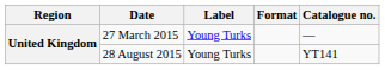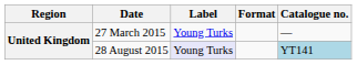 <table class="wikitable plainrowheaders">
 <tr>
 <th scope="col">Region</th>
 <th scope="col">Date</th>
 <th scope="col">Label</th>
 <th scope="col">Format</th>
 <th scope="col">Catalogue no.</th>
 </tr>
 <tr>
 <th scope="row" rowspan="2">United Kingdom</th>
 <td>27 March 2015</td>
 <td><a href='#'>Young Turks</a></td>
 <td></td>
 <td>—</td>
 </tr>
 <tr>
 <td>28 August 2015</td>
-<td>Young Turks</td>
+<td style="background: lavender;">Young Turks</td>
 <td></td>
-<td>YT141</td>
+<td style="background: lightblue;">YT141</td>
 </tr>
 </table>
